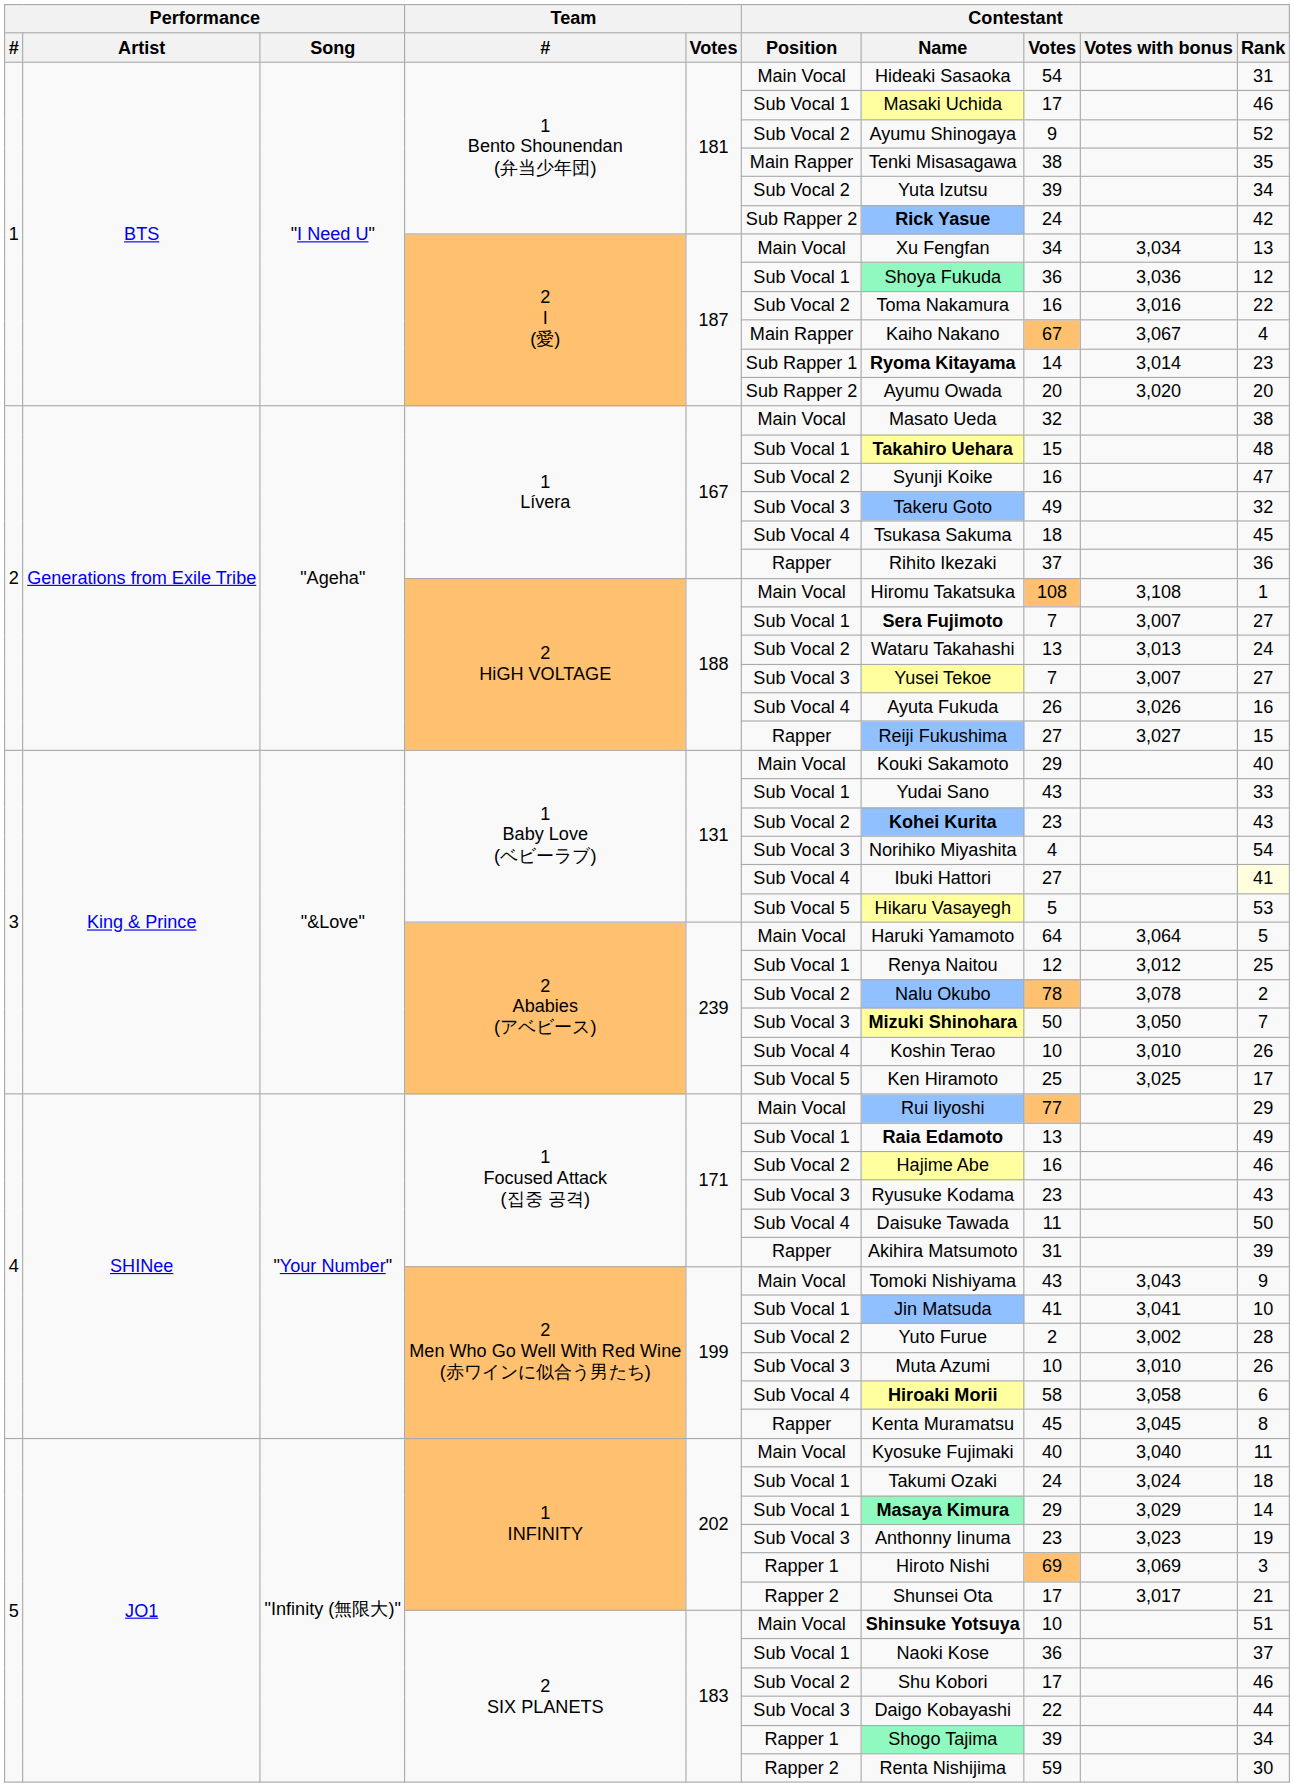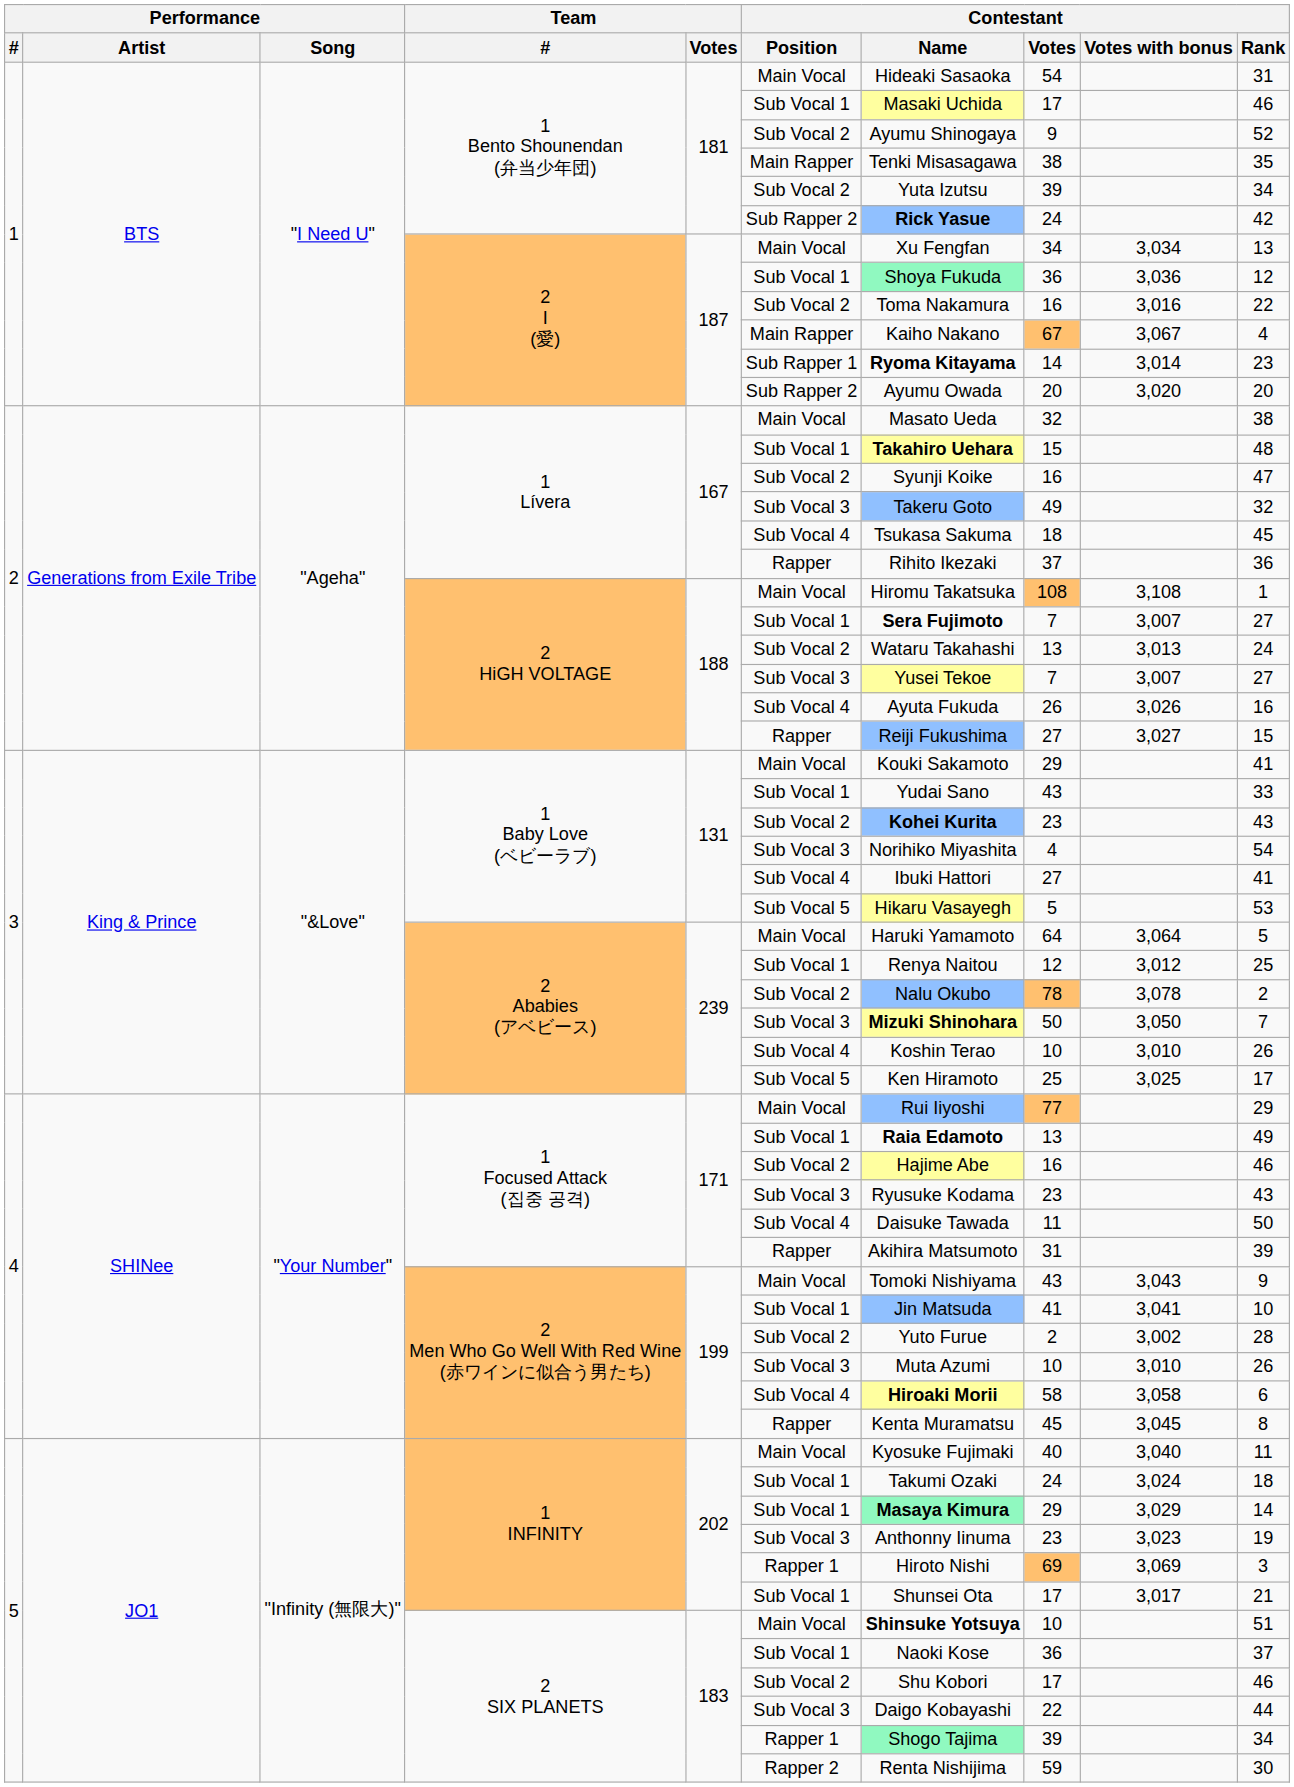 <table class="wikitable sortable" style="text-align:center">
 <tr>
 <th colspan="3">Performance</th>
 <th colspan="2">Team</th>
 <th colspan="5">Contestant</th>
 </tr>
 <tr>
 <th>#</th>
 <th>Artist</th>
 <th>Song</th>
 <th>#</th>
 <th>Votes</th>
 <th>Position</th>
 <th>Name</th>
 <th>Votes</th>
 <th>Votes with bonus</th>
 <th>Rank</th>
 </tr>
 <tr>
 <td rowspan="12">1</td>
 <td rowspan="12"><a href='#'>BTS</a></td>
 <td rowspan="12">"<a href='#'>I Need U</a>"</td>
 <td rowspan="6">1<br>Bento Shounendan<br>(弁当少年団)</td>
 <td rowspan="6">181</td>
 <td>Main Vocal</td>
 <td>Hideaki Sasaoka</td>
 <td>54</td>
 <td></td>
 <td>31</td>
 </tr>
 <tr>
 <td>Sub Vocal 1</td>
 <td style="background:#FFFF9F">Masaki Uchida</td>
 <td>17</td>
 <td></td>
 <td>46</td>
 </tr>
 <tr>
 <td>Sub Vocal 2</td>
 <td>Ayumu Shinogaya</td>
 <td>9</td>
 <td></td>
 <td>52</td>
 </tr>
 <tr>
 <td>Main Rapper</td>
 <td>Tenki Misasagawa</td>
 <td>38</td>
 <td></td>
 <td>35</td>
 </tr>
 <tr>
 <td>Sub Vocal 2</td>
 <td>Yuta Izutsu</td>
 <td>39</td>
 <td></td>
 <td>34</td>
 </tr>
 <tr>
 <td>Sub Rapper 2</td>
 <td style="background:#90C0FF"><strong>Rick Yasue</strong></td>
 <td>24</td>
 <td></td>
 <td>42</td>
 </tr>
 <tr>
 <td rowspan="6" style="background:#FFC06F">2<br>I<br>(愛)</td>
 <td rowspan="6">187</td>
 <td>Main Vocal</td>
 <td>Xu Fengfan</td>
 <td>34</td>
 <td>3,034</td>
 <td>13</td>
 </tr>
 <tr>
 <td>Sub Vocal 1</td>
 <td style="background:#90F9C0">Shoya Fukuda</td>
 <td>36</td>
 <td>3,036</td>
 <td>12</td>
 </tr>
 <tr>
 <td>Sub Vocal 2</td>
 <td>Toma Nakamura</td>
 <td>16</td>
 <td>3,016</td>
 <td>22</td>
 </tr>
 <tr>
 <td>Main Rapper</td>
 <td>Kaiho Nakano</td>
 <td style="background:#FFC06F">67</td>
 <td>3,067</td>
 <td>4</td>
 </tr>
 <tr>
 <td>Sub Rapper 1</td>
 <td><strong>Ryoma Kitayama</strong></td>
 <td>14</td>
 <td>3,014</td>
 <td>23</td>
 </tr>
 <tr>
 <td>Sub Rapper 2</td>
 <td>Ayumu Owada</td>
 <td>20</td>
 <td>3,020</td>
 <td>20</td>
 </tr>
 <tr>
 <td rowspan="12">2</td>
 <td rowspan="12"><a href='#'>Generations from Exile Tribe</a></td>
 <td rowspan="12">"Ageha"</td>
 <td rowspan="6">1<br>Lívera</td>
 <td rowspan="6">167</td>
 <td>Main Vocal</td>
 <td>Masato Ueda</td>
 <td>32</td>
 <td></td>
 <td>38</td>
 </tr>
 <tr>
 <td>Sub Vocal 1</td>
 <td style="background:#FFFF9F"><strong>Takahiro Uehara</strong></td>
 <td>15</td>
 <td></td>
 <td>48</td>
 </tr>
 <tr>
 <td>Sub Vocal 2</td>
 <td>Syunji Koike</td>
 <td>16</td>
 <td></td>
 <td>47</td>
 </tr>
 <tr>
 <td>Sub Vocal 3</td>
 <td style="background:#90C0FF">Takeru Goto</td>
 <td>49</td>
 <td></td>
 <td>32</td>
 </tr>
 <tr>
 <td>Sub Vocal 4</td>
 <td>Tsukasa Sakuma</td>
 <td>18</td>
 <td></td>
 <td>45</td>
 </tr>
 <tr>
 <td>Rapper</td>
 <td>Rihito Ikezaki</td>
 <td>37</td>
 <td></td>
 <td>36</td>
 </tr>
 <tr>
 <td rowspan="6" style="background:#FFC06F">2<br>HiGH VOLTAGE</td>
 <td rowspan="6">188</td>
 <td>Main Vocal</td>
 <td>Hiromu Takatsuka</td>
 <td style="background:#FFC06F">108</td>
 <td>3,108</td>
 <td>1</td>
 </tr>
 <tr>
 <td>Sub Vocal 1</td>
 <td><strong>Sera Fujimoto</strong></td>
 <td>7</td>
 <td>3,007</td>
 <td>27</td>
 </tr>
 <tr>
 <td>Sub Vocal 2</td>
 <td>Wataru Takahashi</td>
 <td>13</td>
 <td>3,013</td>
 <td>24</td>
 </tr>
 <tr>
 <td>Sub Vocal 3</td>
 <td style="background:#FFFF9F">Yusei Tekoe</td>
 <td>7</td>
 <td>3,007</td>
 <td>27</td>
 </tr>
 <tr>
 <td>Sub Vocal 4</td>
 <td>Ayuta Fukuda</td>
 <td>26</td>
 <td>3,026</td>
 <td>16</td>
 </tr>
 <tr>
 <td>Rapper</td>
 <td style="background:#90C0FF">Reiji Fukushima</td>
 <td>27</td>
 <td>3,027</td>
 <td>15</td>
 </tr>
 <tr>
 <td rowspan="12">3</td>
 <td rowspan="12"><a href='#'>King & Prince</a></td>
 <td rowspan="12">"&Love"</td>
 <td rowspan="6">1<br>Baby Love<br>(ベビーラブ)</td>
 <td rowspan="6">131</td>
 <td>Main Vocal</td>
 <td>Kouki Sakamoto</td>
 <td>29</td>
 <td></td>
-<td>40</td>
+<td>41</td>
 </tr>
 <tr>
 <td>Sub Vocal 1</td>
 <td>Yudai Sano</td>
 <td>43</td>
 <td></td>
 <td>33</td>
 </tr>
 <tr>
 <td>Sub Vocal 2</td>
 <td style="background:#90C0FF"><strong>Kohei Kurita</strong></td>
 <td>23</td>
 <td></td>
 <td>43</td>
 </tr>
 <tr>
 <td>Sub Vocal 3</td>
 <td>Norihiko Miyashita</td>
 <td>4</td>
 <td></td>
 <td>54</td>
 </tr>
 <tr>
 <td>Sub Vocal 4</td>
 <td>Ibuki Hattori</td>
 <td>27</td>
 <td></td>
-<td style="background: lightyellow;">41</td>
+<td>41</td>
 </tr>
 <tr>
 <td>Sub Vocal 5</td>
 <td style="background:#FFFF9F">Hikaru Vasayegh</td>
 <td>5</td>
 <td></td>
 <td>53</td>
 </tr>
 <tr>
 <td rowspan="6" style="background:#FFC06F">2<br>Ababies<br>(アベビース)</td>
 <td rowspan="6">239</td>
 <td>Main Vocal</td>
 <td>Haruki Yamamoto</td>
 <td>64</td>
 <td>3,064</td>
 <td>5</td>
 </tr>
 <tr>
 <td>Sub Vocal 1</td>
 <td>Renya Naitou</td>
 <td>12</td>
 <td>3,012</td>
 <td>25</td>
 </tr>
 <tr>
 <td>Sub Vocal 2</td>
 <td style="background:#90C0FF">Nalu Okubo</td>
 <td style="background:#FFC06F">78</td>
 <td>3,078</td>
 <td>2</td>
 </tr>
 <tr>
 <td>Sub Vocal 3</td>
 <td style="background:#FFFF9F"><strong>Mizuki Shinohara</strong></td>
 <td>50</td>
 <td>3,050</td>
 <td>7</td>
 </tr>
 <tr>
 <td>Sub Vocal 4</td>
 <td>Koshin Terao</td>
 <td>10</td>
 <td>3,010</td>
 <td>26</td>
 </tr>
 <tr>
 <td>Sub Vocal 5</td>
 <td>Ken Hiramoto</td>
 <td>25</td>
 <td>3,025</td>
 <td>17</td>
 </tr>
 <tr>
 <td rowspan="12">4</td>
 <td rowspan="12"><a href='#'>SHINee</a></td>
 <td rowspan="12">"<a href='#'>Your Number</a>"</td>
 <td rowspan="6">1<br>Focused Attack<br>(집중 공격)</td>
 <td rowspan="6">171</td>
 <td>Main Vocal</td>
 <td style="background:#90C0FF">Rui Iiyoshi</td>
 <td style="background:#FFC06F">77</td>
 <td></td>
 <td>29</td>
 </tr>
 <tr>
 <td>Sub Vocal 1</td>
 <td><strong>Raia Edamoto</strong></td>
 <td>13</td>
 <td></td>
 <td>49</td>
 </tr>
 <tr>
 <td>Sub Vocal 2</td>
 <td style="background:#FFFF9F">Hajime Abe</td>
 <td>16</td>
 <td></td>
 <td>46</td>
 </tr>
 <tr>
 <td>Sub Vocal 3</td>
 <td>Ryusuke Kodama</td>
 <td>23</td>
 <td></td>
 <td>43</td>
 </tr>
 <tr>
 <td>Sub Vocal 4</td>
 <td>Daisuke Tawada</td>
 <td>11</td>
 <td></td>
 <td>50</td>
 </tr>
 <tr>
 <td>Rapper</td>
 <td>Akihira Matsumoto</td>
 <td>31</td>
 <td></td>
 <td>39</td>
 </tr>
 <tr>
 <td rowspan="6" style="background:#FFC06F">2<br>Men Who Go Well With Red Wine<br>(赤ワインに似合う男たち)</td>
 <td rowspan="6">199</td>
 <td>Main Vocal</td>
 <td>Tomoki Nishiyama</td>
 <td>43</td>
 <td>3,043</td>
 <td>9</td>
 </tr>
 <tr>
 <td>Sub Vocal 1</td>
 <td style="background:#90C0FF">Jin Matsuda</td>
 <td>41</td>
 <td>3,041</td>
 <td>10</td>
 </tr>
 <tr>
 <td>Sub Vocal 2</td>
 <td>Yuto Furue</td>
 <td>2</td>
 <td>3,002</td>
 <td>28</td>
 </tr>
 <tr>
 <td>Sub Vocal 3</td>
 <td>Muta Azumi</td>
 <td>10</td>
 <td>3,010</td>
 <td>26</td>
 </tr>
 <tr>
 <td>Sub Vocal 4</td>
 <td style="background:#FFFF9F"><strong>Hiroaki Morii</strong></td>
 <td>58</td>
 <td>3,058</td>
 <td>6</td>
 </tr>
 <tr>
 <td>Rapper</td>
 <td>Kenta Muramatsu</td>
 <td>45</td>
 <td>3,045</td>
 <td>8</td>
 </tr>
 <tr>
 <td rowspan="12">5</td>
 <td rowspan="12"><a href='#'>JO1</a></td>
 <td rowspan="12">"Infinity (無限大)"</td>
 <td rowspan="6" style="background:#FFC06F">1<br>INFINITY</td>
 <td rowspan="6">202</td>
 <td>Main Vocal</td>
 <td>Kyosuke Fujimaki</td>
 <td>40</td>
 <td>3,040</td>
 <td>11</td>
 </tr>
 <tr>
 <td>Sub Vocal 1</td>
 <td>Takumi Ozaki</td>
 <td>24</td>
 <td>3,024</td>
 <td>18</td>
 </tr>
 <tr>
 <td>Sub Vocal 1</td>
 <td style="background:#90F9C0"><strong>Masaya Kimura</strong></td>
 <td>29</td>
 <td>3,029</td>
 <td>14</td>
 </tr>
 <tr>
 <td>Sub Vocal 3</td>
 <td>Anthonny Iinuma</td>
 <td>23</td>
 <td>3,023</td>
 <td>19</td>
 </tr>
 <tr>
 <td>Rapper 1</td>
 <td>Hiroto Nishi</td>
 <td style="background:#FFC06F">69</td>
 <td>3,069</td>
 <td>3</td>
 </tr>
 <tr>
-<td>Rapper 2</td>
+<td>Sub Vocal 1</td>
 <td>Shunsei Ota</td>
 <td>17</td>
 <td>3,017</td>
 <td>21</td>
 </tr>
 <tr>
 <td rowspan="6">2<br>SIX PLANETS</td>
 <td rowspan="6">183</td>
 <td>Main Vocal</td>
 <td><strong>Shinsuke Yotsuya</strong></td>
 <td>10</td>
 <td></td>
 <td>51</td>
 </tr>
 <tr>
 <td>Sub Vocal 1</td>
 <td>Naoki Kose</td>
 <td>36</td>
 <td></td>
 <td>37</td>
 </tr>
 <tr>
 <td>Sub Vocal 2</td>
 <td>Shu Kobori</td>
 <td>17</td>
 <td></td>
 <td>46</td>
 </tr>
 <tr>
 <td>Sub Vocal 3</td>
 <td>Daigo Kobayashi</td>
 <td>22</td>
 <td></td>
 <td>44</td>
 </tr>
 <tr>
 <td>Rapper 1</td>
 <td style="background:#90F9C0">Shogo Tajima</td>
 <td>39</td>
 <td></td>
 <td>34</td>
 </tr>
 <tr>
 <td>Rapper 2</td>
 <td>Renta Nishijima</td>
 <td>59</td>
 <td></td>
 <td>30</td>
 </tr>
 </table>
